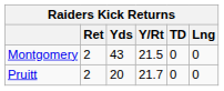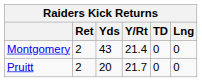 <table class="wikitable">
 <tr>
 <th colspan="6">Raiders Kick Returns</th>
 </tr>
 <tr>
 <th></th>
 <th>Ret</th>
 <th>Yds</th>
 <th>Y/Rt</th>
 <th>TD</th>
 <th>Lng</th>
 </tr>
 <tr>
 <td><a href='#'>Montgomery</a></td>
 <td>2</td>
 <td>43</td>
-<td>21.5</td>
+<td>21.4</td>
 <td>0</td>
 <td>0</td>
 </tr>
 <tr>
 <td><a href='#'>Pruitt</a></td>
 <td>2</td>
 <td>20</td>
 <td>21.7</td>
 <td>0</td>
 <td>0</td>
 </tr>
 </table>
